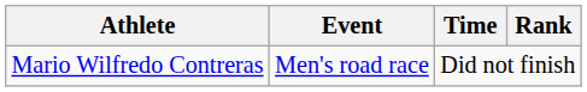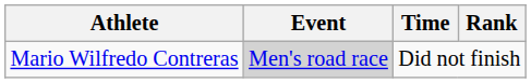 <table class=wikitable style="font-size:90%">
 <tr>
 <th>Athlete</th>
 <th>Event</th>
 <th>Time</th>
 <th>Rank</th>
 </tr>
 <tr align=center>
 <td align=left><a href='#'>Mario Wilfredo Contreras</a></td>
-<td align=left><a href='#'>Men's road race</a></td>
+<td align=left style="background: lightgrey;"><a href='#'>Men's road race</a></td>
 <td colspan=2>Did not finish</td>
 </tr>
 </table>
